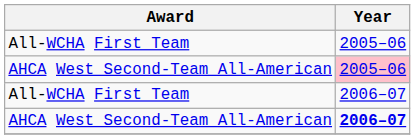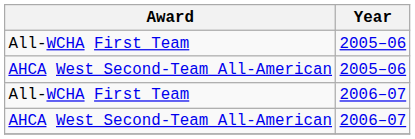 <table class="wikitable">
 <tr>
 <th>Award</th>
 <th>Year</th>
 </tr>
 <tr>
 <td>All-<a href='#'>WCHA</a> <a href='#'>First Team</a></td>
 <td><a href='#'>2005–06</a></td>
 </tr>
 <tr>
 <td><a href='#'>AHCA</a> <a href='#'>West Second-Team All-American</a></td>
-<td style="background: pink;"><a href='#'>2005–06</a></td>
+<td><a href='#'>2005–06</a></td>
 </tr>
 <tr>
 <td>All-<a href='#'>WCHA</a> <a href='#'>First Team</a></td>
 <td><a href='#'>2006–07</a></td>
 </tr>
 <tr>
 <td><a href='#'>AHCA</a> <a href='#'>West Second-Team All-American</a></td>
-<td><strong><a href='#'>2006–07</a></strong></td>
+<td><a href='#'>2006–07</a></td>
 </tr>
 <tr>
 </tr>
 </table>
